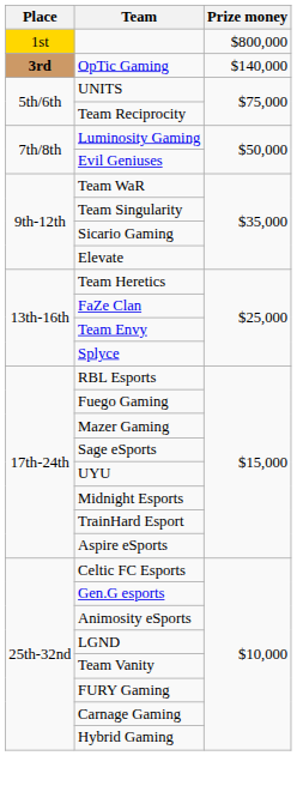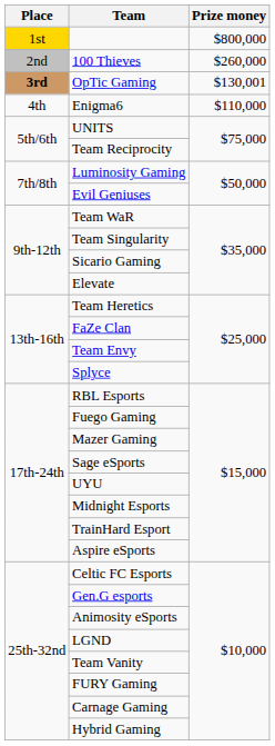 <table class="wikitable" style="text-align:left">
 <tr>
 <th>Place</th>
 <th>Team</th>
 <th>Prize money</th>
 </tr>
 <tr>
 <td style="text-align:center; background:gold;">1st</td>
 <td></td>
 <td style="text-align:right">$800,000</td>
 </tr>
 <tr>
+<td style="text-align:center; background:silver;">2nd</td>
+<td><a href='#'>100 Thieves</a></td>
+<td style="text-align:right">$260,000</td>
+</tr>
+<tr>
 <td style="text-align:center; background:#c96;"><strong>3rd</strong></td>
 <td><a href='#'>OpTic Gaming</a></td>
-<td style="text-align:right">$140,000</td>
+<td style="text-align:right">$130,001</td>
+</tr>
+<tr>
+<td style="text-align:center;">4th</td>
+<td>Enigma6</td>
+<td style="text-align:right">$110,000</td>
 </tr>
 <tr>
 <td style="text-align:center" rowspan="2">5th/6th</td>
 <td>UNITS</td>
 <td style="text-align:right" rowspan="2">$75,000</td>
 </tr>
 <tr>
 <td>Team Reciprocity</td>
 </tr>
 <tr>
 <td style="text-align:center" rowspan="2">7th/8th</td>
 <td><a href='#'>Luminosity Gaming</a></td>
 <td style="text-align:right" rowspan="2">$50,000</td>
 </tr>
 <tr>
 <td><a href='#'>Evil Geniuses</a></td>
 </tr>
 <tr>
 <td style="text-align:center" rowspan="4th">9th-12th</td>
 <td>Team WaR</td>
 <td style="text-align:right" rowspan="4th">$35,000</td>
 </tr>
 <tr>
 <td>Team Singularity</td>
 </tr>
 <tr>
 <td>Sicario Gaming</td>
 </tr>
 <tr>
 <td>Elevate</td>
 </tr>
 <tr>
 <td style="text-align:center" rowspan="4">13th-16th</td>
 <td>Team Heretics</td>
 <td style="text-align:right" rowspan="4">$25,000</td>
 </tr>
 <tr>
 <td><a href='#'>FaZe Clan</a></td>
 </tr>
 <tr>
 <td><a href='#'>Team Envy</a></td>
 </tr>
 <tr>
 <td><a href='#'>Splyce</a></td>
 </tr>
 <tr>
 <td style="text-align:center" rowspan="8">17th-24th</td>
 <td>RBL Esports</td>
 <td style="text-align:right" rowspan="8">$15,000</td>
 </tr>
 <tr>
 <td>Fuego Gaming</td>
 </tr>
 <tr>
 <td>Mazer Gaming</td>
 </tr>
 <tr>
 <td>Sage eSports</td>
 </tr>
 <tr>
 <td>UYU</td>
 </tr>
 <tr>
 <td>Midnight Esports</td>
 </tr>
 <tr>
 <td>TrainHard Esport</td>
 </tr>
 <tr>
 <td>Aspire eSports</td>
 </tr>
 <tr>
 <td style="text-align:center" rowspan="8">25th-32nd</td>
 <td>Celtic FC Esports</td>
 <td style="text-align:right" rowspan="8">$10,000</td>
 </tr>
 <tr>
 <td><a href='#'>Gen.G esports</a></td>
 </tr>
 <tr>
 <td>Animosity eSports</td>
 </tr>
 <tr>
 <td>LGND</td>
 </tr>
 <tr>
 <td>Team Vanity</td>
 </tr>
 <tr>
 <td>FURY Gaming</td>
 </tr>
 <tr>
 <td>Carnage Gaming</td>
 </tr>
 <tr>
 <td>Hybrid Gaming</td>
 </tr>
 </table>
